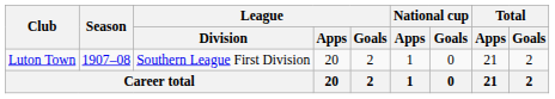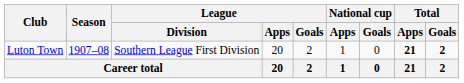 <table class="wikitable" style="text-align:center">
 <tr>
 <th rowspan="2">Club</th>
 <th rowspan="2">Season</th>
 <th colspan="3">League</th>
 <th colspan="2">National cup</th>
 <th colspan="2">Total</th>
 </tr>
 <tr>
 <th>Division</th>
 <th>Apps</th>
 <th>Goals</th>
 <th>Apps</th>
 <th>Goals</th>
 <th>Apps</th>
 <th>Goals</th>
 </tr>
 <tr>
 <td><a href='#'>Luton Town</a></td>
 <td><a href='#'>1907–08</a></td>
 <td><a href='#'>Southern League</a> First Division</td>
 <td>20</td>
 <td>2</td>
 <td>1</td>
 <td>0</td>
-<td>21</td>
-<td>2</td>
+<td><strong>21</strong></td>
+<td><strong>2</strong></td>
 </tr>
 <tr>
 <th colspan="3">Career total</th>
 <th>20</th>
 <th>2</th>
 <th>1</th>
 <th>0</th>
 <th>21</th>
 <th>2</th>
 </tr>
 </table>
